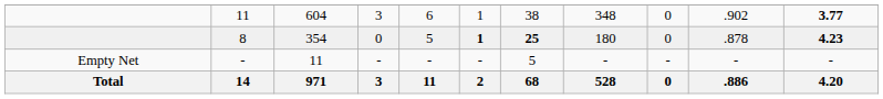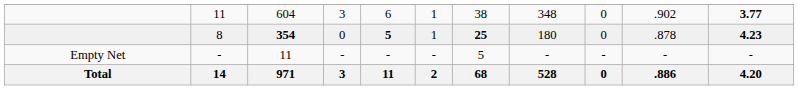 <table class="wikitable sortable" width ="1000">
 <tr align="center">
 </tr>
 <tr align="center" bgcolor="">
 <td></td>
 <td>11</td>
 <td>604</td>
 <td>3</td>
 <td>6</td>
 <td>1</td>
 <td>38</td>
 <td>348</td>
 <td>0</td>
 <td>.902</td>
 <td><strong>3.77</strong></td>
 </tr>
 <tr align="center" bgcolor="f0f0f0">
 <td></td>
 <td>8</td>
-<td>354</td>
+<td><strong>354</strong></td>
 <td>0</td>
-<td>5</td>
-<td><strong>1</strong></td>
+<td><strong>5</strong></td>
+<td>1</td>
 <td><strong>25</strong></td>
 <td>180</td>
 <td>0</td>
 <td>.878</td>
 <td><strong>4.23</strong></td>
 </tr>
 <tr align="center" bgcolor="">
 <td>Empty Net</td>
 <td>-</td>
 <td>11</td>
 <td>-</td>
 <td>-</td>
 <td>-</td>
 <td>5</td>
 <td>-</td>
 <td>-</td>
 <td>-</td>
 <td>-</td>
 </tr>
 <tr>
 <th>Total</th>
 <th>14</th>
 <th>971</th>
 <th>3</th>
 <th>11</th>
 <th>2</th>
 <th>68</th>
 <th>528</th>
 <th>0</th>
 <th>.886</th>
 <th>4.20</th>
 </tr>
 </table>
